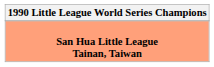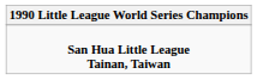 <table class="wikitable" style="text-align: center; margin: 0 auto;">
 <tr>
 <th>1990 Little League World Series Champions</th>
 </tr>
 <tr>
 </tr>
 <tr>
-<td style="background: lightsalmon;"><br><strong>San Hua Little League</strong><br><strong>Tainan, Taiwan</strong></td>
+<td><br><strong>San Hua Little League</strong><br><strong>Tainan, Taiwan</strong></td>
 </tr>
 </table>
